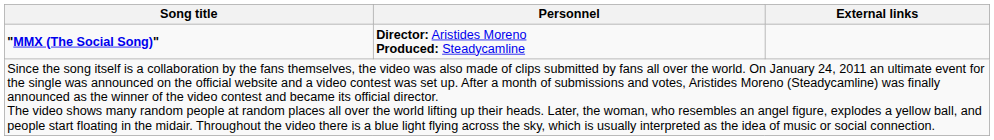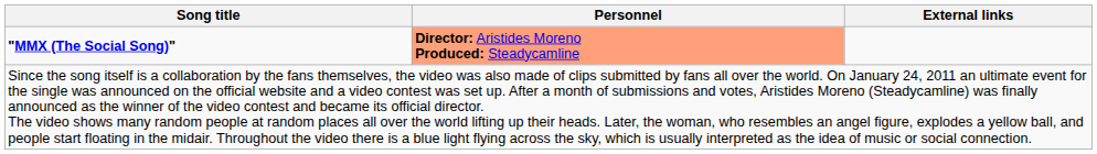 <table class="wikitable">
 <tr>
 <th>Song title</th>
 <th>Personnel</th>
 <th>External links</th>
 </tr>
 <tr>
 <td><strong>"<a href='#'>MMX (The Social Song)</a>"</strong></td>
-<td><strong>Director:</strong> <a href='#'>Aristides Moreno</a> <br><strong>Produced:</strong> <a href='#'>Steadycamline</a></td>
+<td style="background: lightsalmon;"><strong>Director:</strong> <a href='#'>Aristides Moreno</a> <br><strong>Produced:</strong> <a href='#'>Steadycamline</a></td>
 <td></td>
 </tr>
 <tr>
 <td colspan="6">Since the song itself is a collaboration by the fans themselves, the video was also made of clips submitted by fans all over the world. On January 24, 2011 an ultimate event for the single was announced on the official website and a video contest was set up. After a month of submissions and votes, Aristides Moreno (Steadycamline) was finally announced as the winner of the video contest and became its official director.<br>The video shows many random people at random places all over the world lifting up their heads. Later, the woman, who resembles an angel figure, explodes a yellow ball, and people start floating in the midair. Throughout the video there is a blue light flying across the sky, which is usually interpreted as the idea of music or social connection.</td>
 </tr>
 </table>
